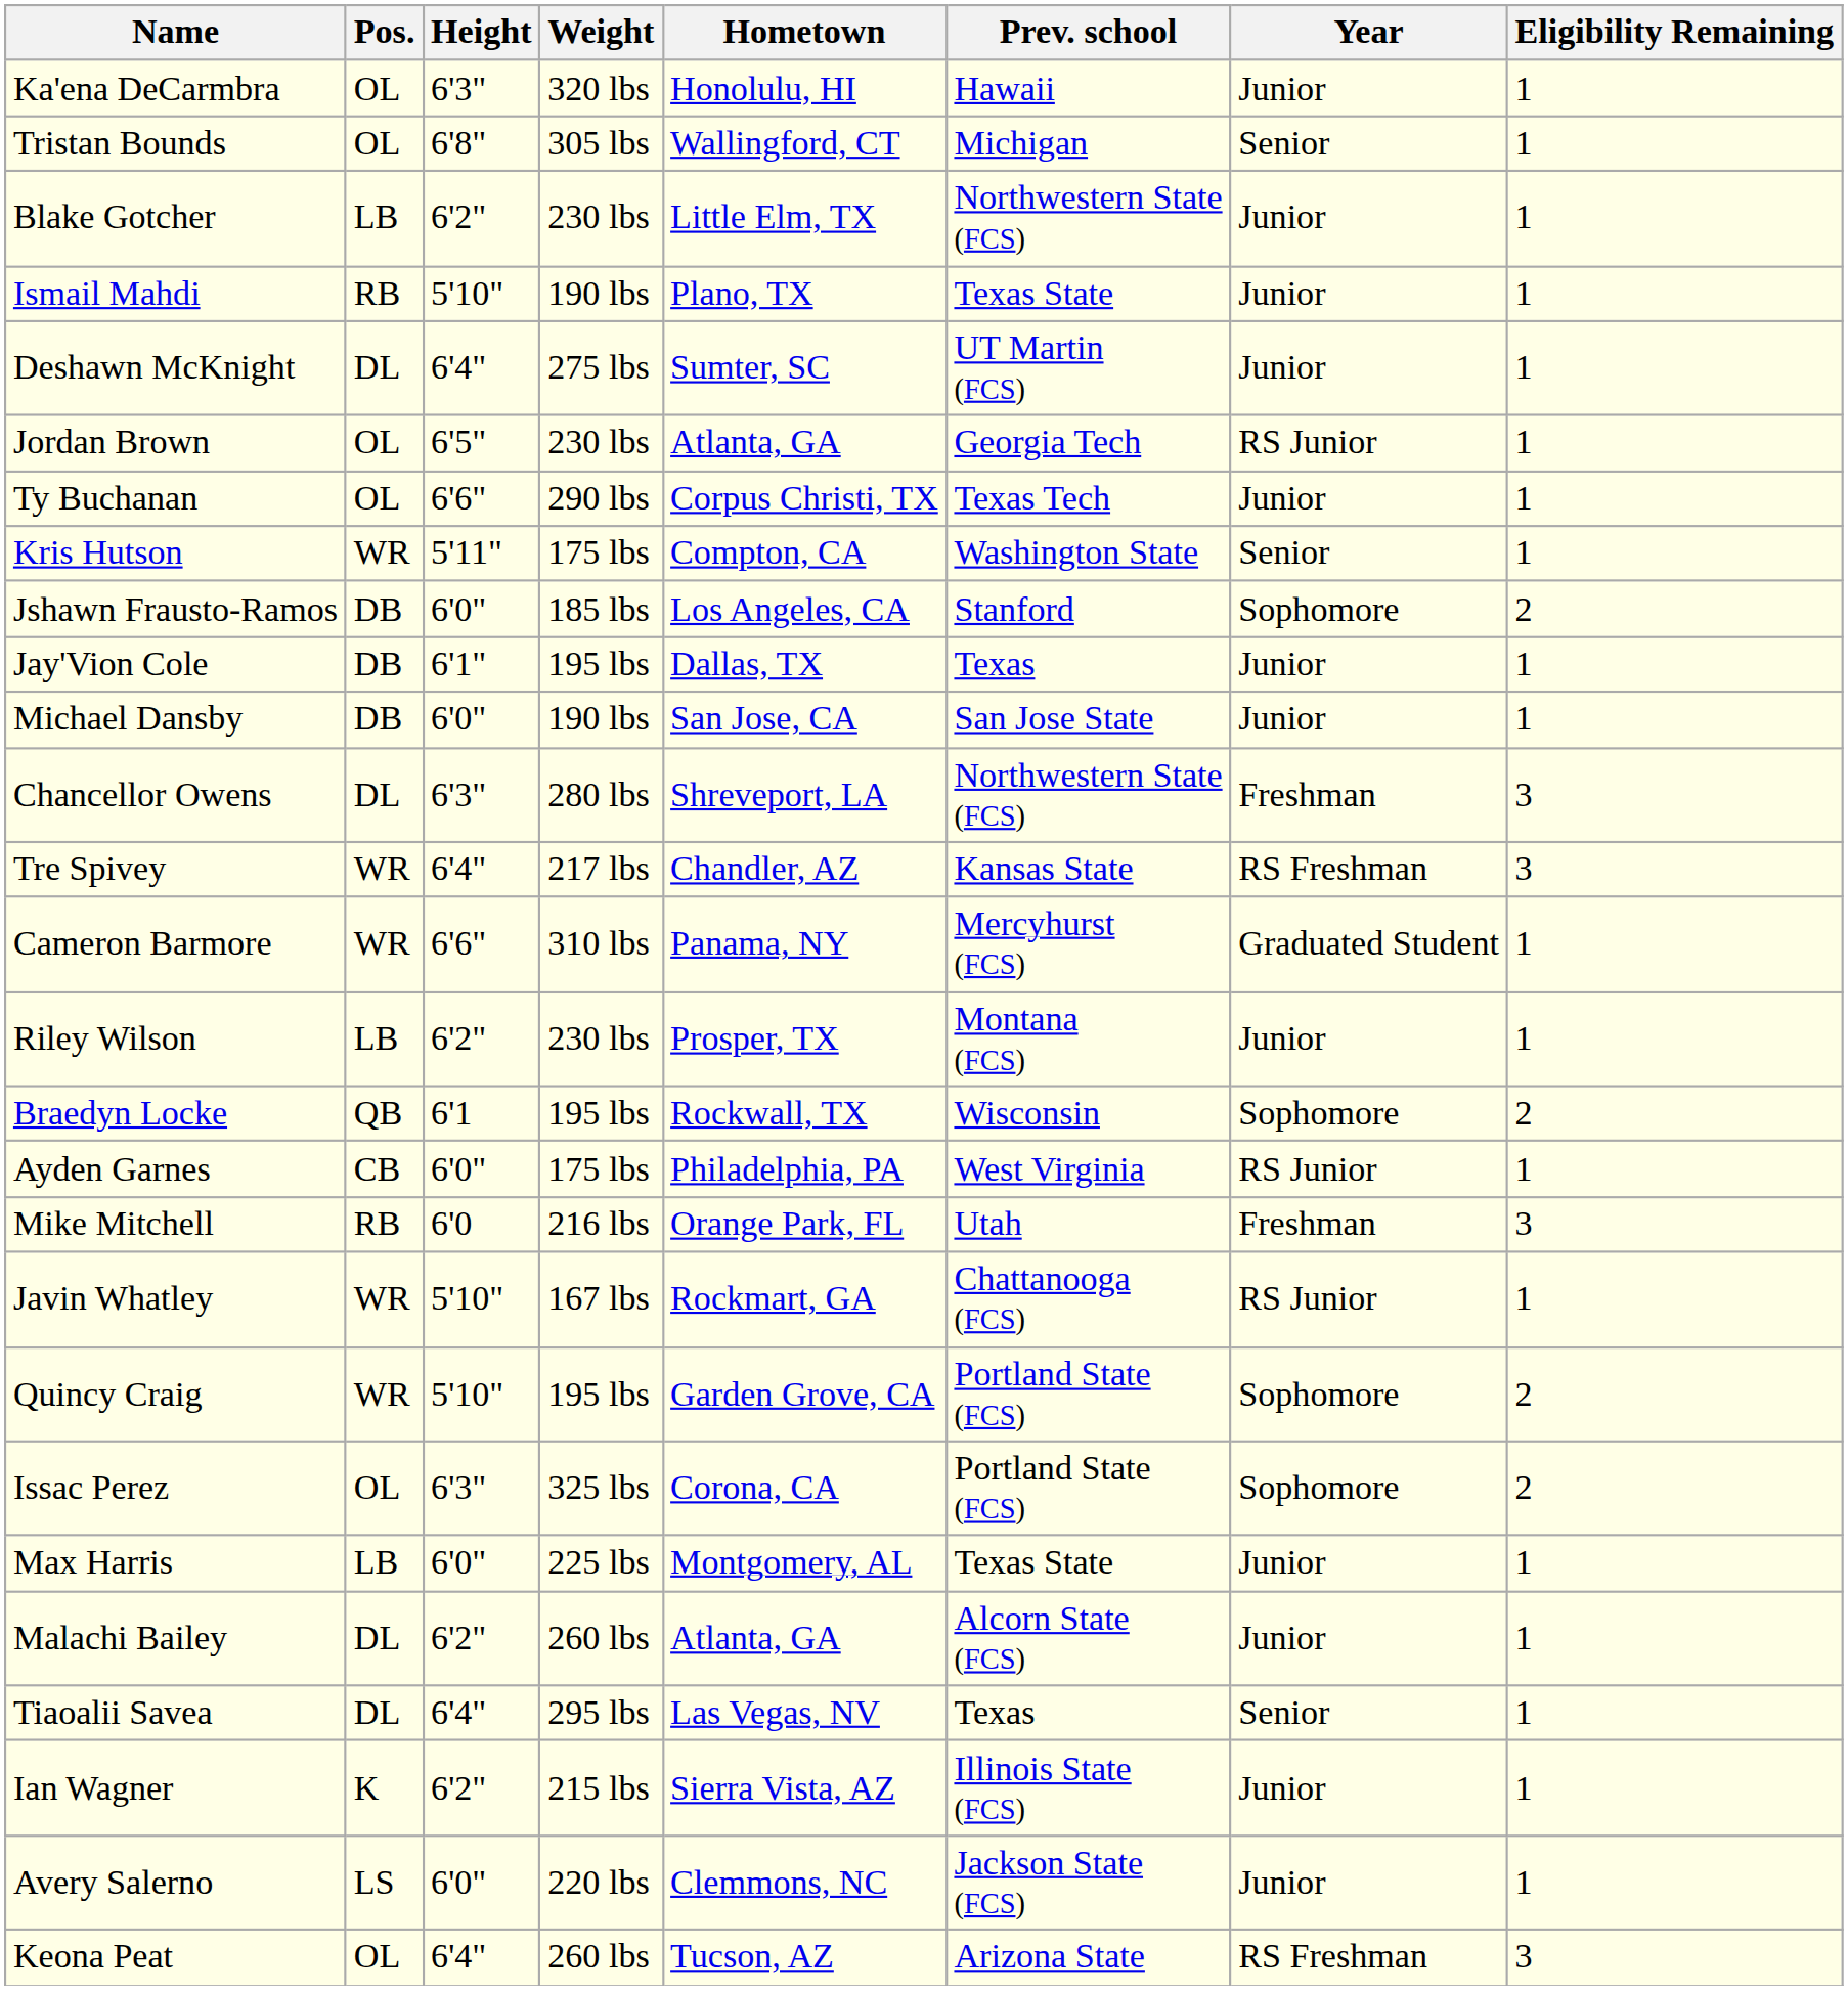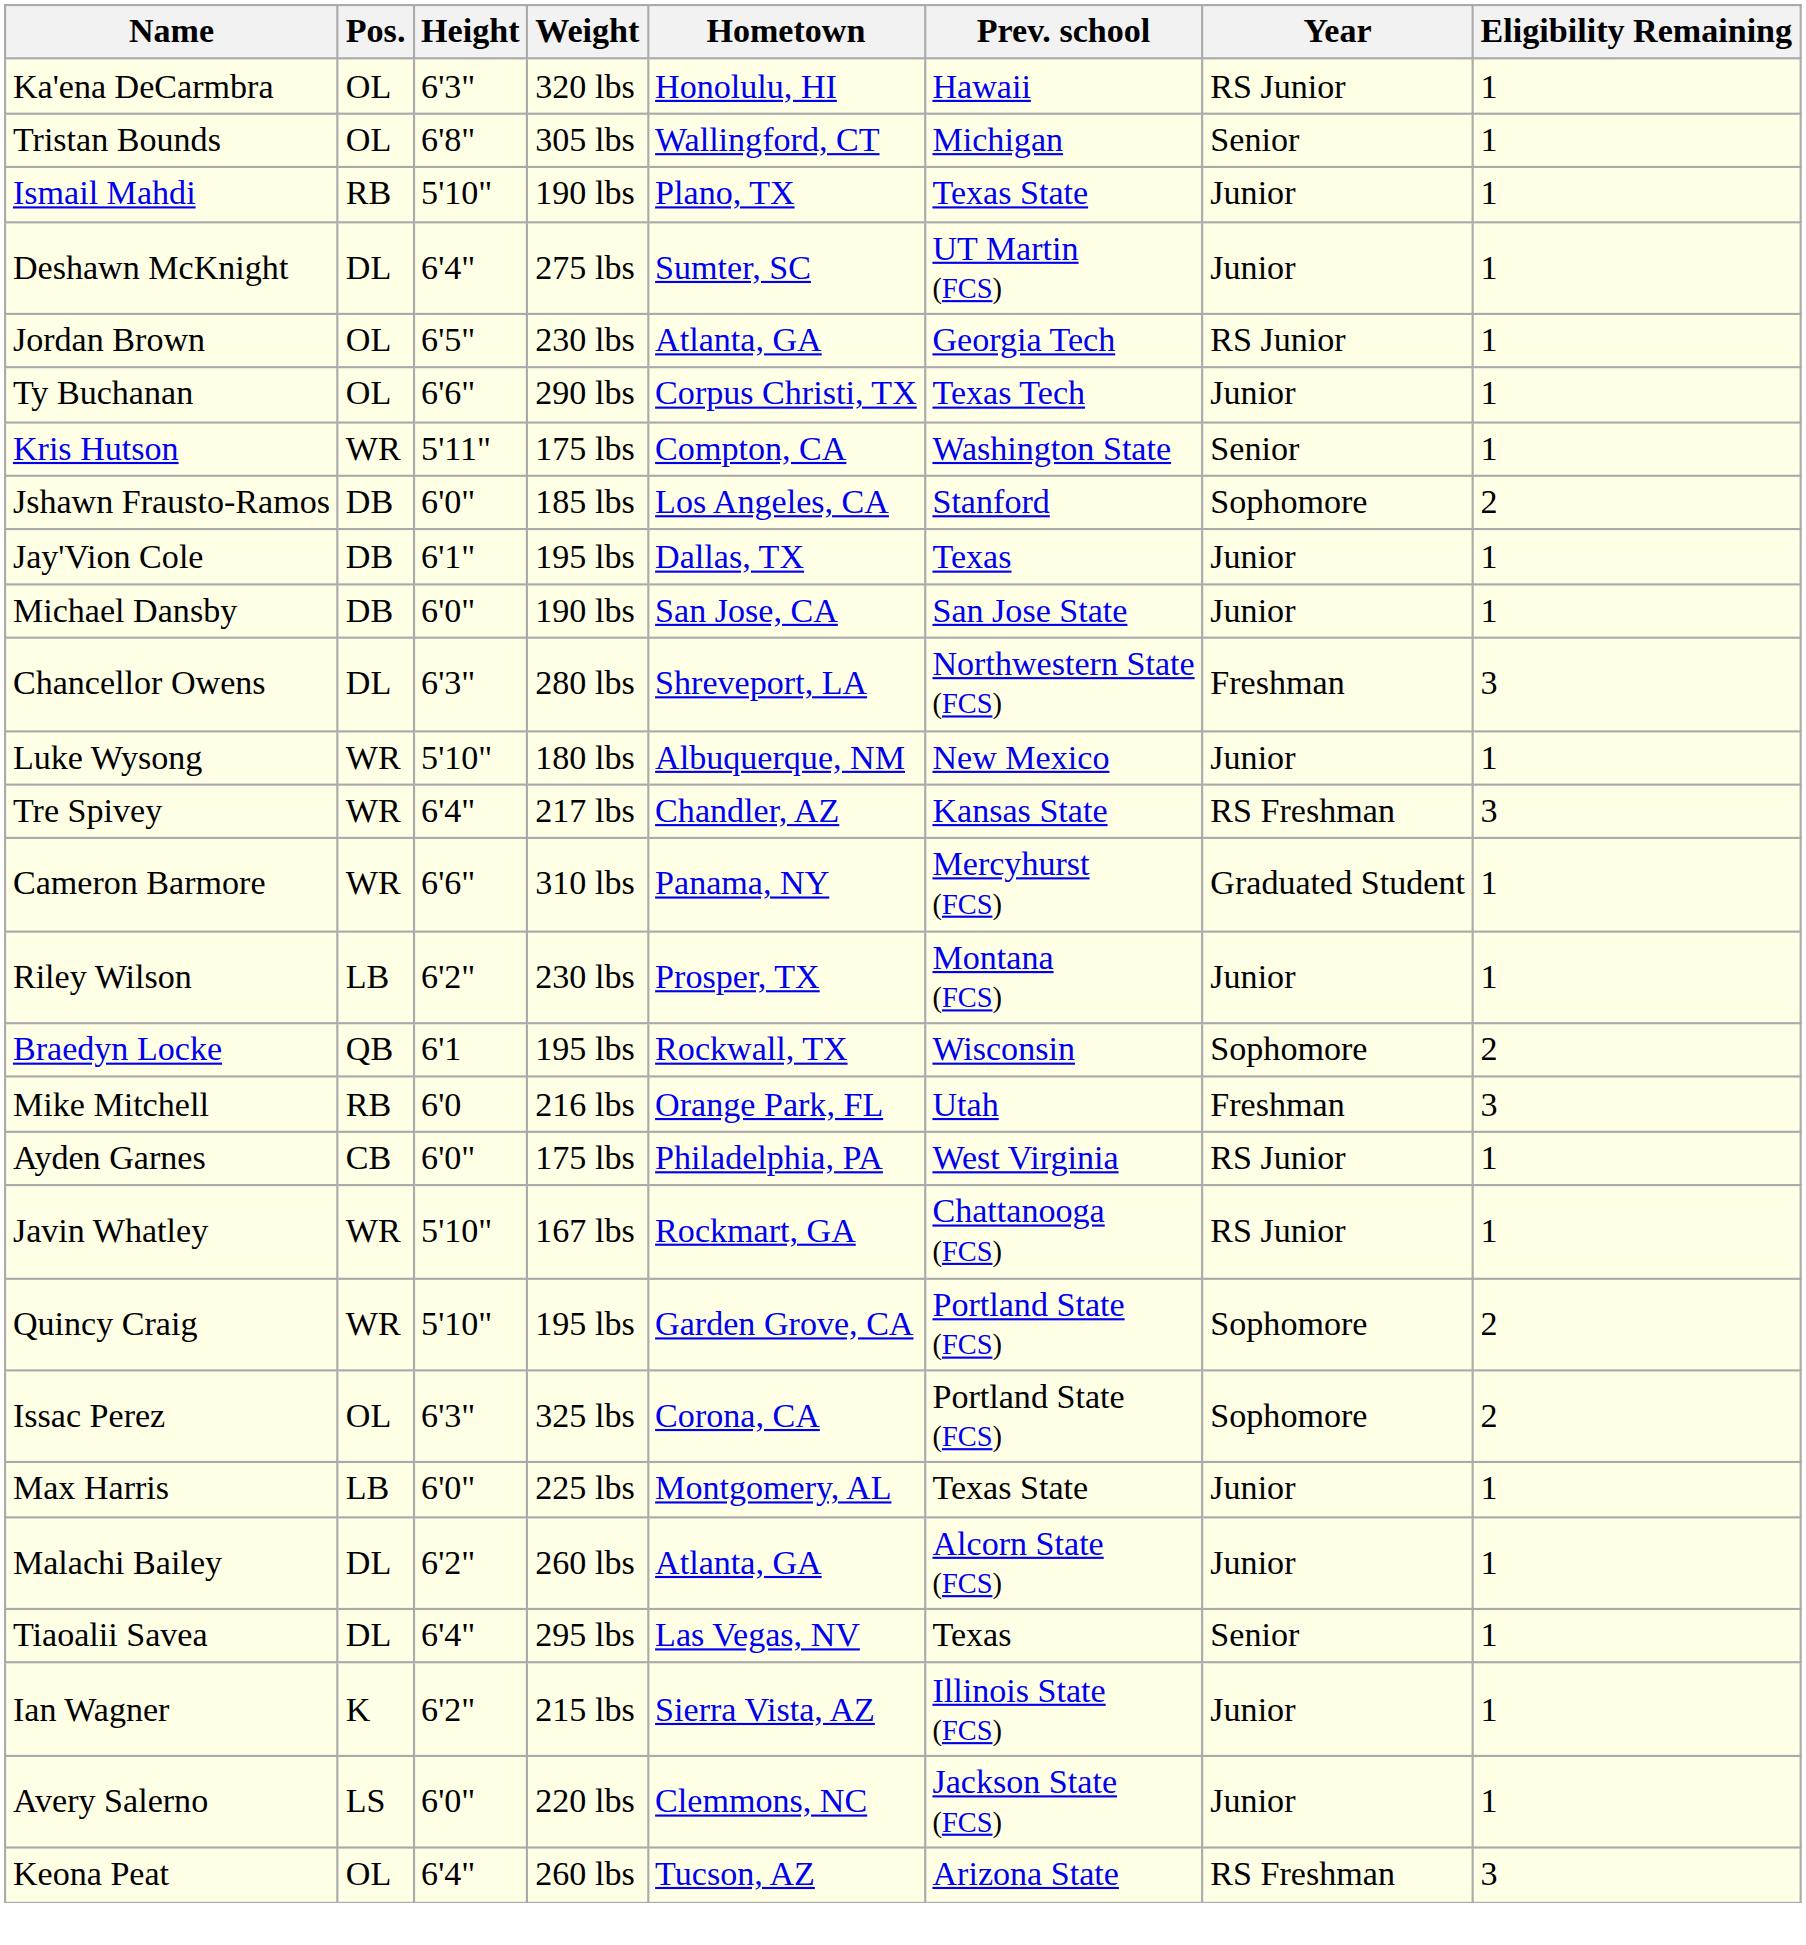 <table class="wikitable sortable">
 <tr>
 <th>Name</th>
 <th>Pos.</th>
 <th>Height</th>
 <th>Weight</th>
 <th>Hometown</th>
 <th>Prev. school</th>
 <th>Year</th>
 <th>Eligibility Remaining</th>
 </tr>
 <tr style="background:#FFFFE6;">
 <td>Ka'ena DeCarmbra</td>
 <td>OL</td>
 <td>6'3"</td>
 <td>320 lbs</td>
 <td><a href='#'>Honolulu, HI</a></td>
 <td><a href='#'>Hawaii</a></td>
-<td>Junior</td>
+<td>RS Junior</td>
 <td>1</td>
 </tr>
 <tr style="background:#FFFFE6;">
 <td>Tristan Bounds</td>
 <td>OL</td>
 <td>6'8"</td>
 <td>305 lbs</td>
 <td><a href='#'>Wallingford, CT</a></td>
 <td><a href='#'>Michigan</a></td>
 <td>Senior</td>
-<td>1</td>
-</tr>
-<tr style="background:#FFFFE6;">
-<td>Blake Gotcher</td>
-<td>LB</td>
-<td>6'2"</td>
-<td>230 lbs</td>
-<td><a href='#'>Little Elm, TX</a></td>
-<td><a href='#'>Northwestern State</a> <br><small>(<a href='#'>FCS</a>)</small></td>
-<td>Junior</td>
 <td>1</td>
 </tr>
 <tr style="background:#FFFFE6;">
 <td><a href='#'>Ismail Mahdi</a></td>
 <td>RB</td>
 <td>5'10"</td>
 <td>190 lbs</td>
 <td><a href='#'>Plano, TX</a></td>
 <td><a href='#'>Texas State</a></td>
 <td>Junior</td>
 <td>1</td>
 </tr>
 <tr style="background:#FFFFE6;">
 <td>Deshawn McKnight</td>
 <td>DL</td>
 <td>6'4"</td>
 <td>275 lbs</td>
 <td><a href='#'>Sumter, SC</a></td>
 <td><a href='#'>UT Martin</a> <br><small>(<a href='#'>FCS</a>)</small></td>
 <td>Junior</td>
 <td>1</td>
 </tr>
 <tr style="background:#FFFFE6;">
 <td>Jordan Brown</td>
 <td>OL</td>
 <td>6'5"</td>
 <td>230 lbs</td>
 <td><a href='#'>Atlanta, GA</a></td>
 <td><a href='#'>Georgia Tech</a></td>
 <td>RS Junior</td>
 <td>1</td>
 </tr>
 <tr style="background:#FFFFE6;">
 <td>Ty Buchanan</td>
 <td>OL</td>
 <td>6'6"</td>
 <td>290 lbs</td>
 <td><a href='#'>Corpus Christi, TX</a></td>
 <td><a href='#'>Texas Tech</a></td>
 <td>Junior</td>
 <td>1</td>
 </tr>
 <tr style="background:#FFFFE6;">
 <td><a href='#'>Kris Hutson</a></td>
 <td>WR</td>
 <td>5'11"</td>
 <td>175 lbs</td>
 <td><a href='#'>Compton, CA</a></td>
 <td><a href='#'>Washington State</a></td>
 <td>Senior</td>
 <td>1</td>
 </tr>
 <tr style="background:#FFFFE6;">
 <td>Jshawn Frausto-Ramos</td>
 <td>DB</td>
 <td>6'0"</td>
 <td>185 lbs</td>
 <td><a href='#'>Los Angeles, CA</a></td>
 <td><a href='#'>Stanford</a></td>
 <td>Sophomore</td>
 <td>2</td>
 </tr>
 <tr style="background:#FFFFE6;">
 <td>Jay'Vion Cole</td>
 <td>DB</td>
 <td>6'1"</td>
 <td>195 lbs</td>
 <td><a href='#'>Dallas, TX</a></td>
 <td><a href='#'>Texas</a></td>
 <td>Junior</td>
 <td>1</td>
 </tr>
 <tr style="background:#FFFFE6;">
 <td>Michael Dansby</td>
 <td>DB</td>
 <td>6'0"</td>
 <td>190 lbs</td>
 <td><a href='#'>San Jose, CA</a></td>
 <td><a href='#'>San Jose State</a></td>
 <td>Junior</td>
 <td>1</td>
 </tr>
 <tr style="background:#FFFFE6;">
 <td>Chancellor Owens</td>
 <td>DL</td>
 <td>6'3"</td>
 <td>280 lbs</td>
 <td><a href='#'>Shreveport, LA</a></td>
 <td><a href='#'>Northwestern State</a> <br><small>(<a href='#'>FCS</a>)</small></td>
 <td>Freshman</td>
 <td>3</td>
 </tr>
 <tr style="background:#FFFFE6;">
+<td>Luke Wysong</td>
+<td>WR</td>
+<td>5'10"</td>
+<td>180 lbs</td>
+<td><a href='#'>Albuquerque, NM</a></td>
+<td><a href='#'>New Mexico</a></td>
+<td>Junior</td>
+<td>1</td>
+</tr>
+<tr style="background:#FFFFE6;">
 <td>Tre Spivey</td>
 <td>WR</td>
 <td>6'4"</td>
 <td>217 lbs</td>
 <td><a href='#'>Chandler, AZ</a></td>
 <td><a href='#'>Kansas State</a></td>
 <td>RS Freshman</td>
 <td>3</td>
 </tr>
 <tr style="background:#FFFFE6;">
 <td>Cameron Barmore</td>
 <td>WR</td>
 <td>6'6"</td>
 <td>310 lbs</td>
 <td><a href='#'>Panama, NY</a></td>
 <td><a href='#'>Mercyhurst</a> <br><small>(<a href='#'>FCS</a>) </small></td>
 <td>Graduated Student</td>
 <td>1</td>
 </tr>
 <tr style="background:#FFFFE6;">
 <td>Riley Wilson</td>
 <td>LB</td>
 <td>6'2"</td>
 <td>230 lbs</td>
 <td><a href='#'>Prosper, TX</a></td>
 <td><a href='#'>Montana</a> <br><small>(<a href='#'>FCS</a>) </small></td>
 <td>Junior</td>
 <td>1</td>
 </tr>
 <tr style="background:#FFFFE6;">
 <td><a href='#'>Braedyn Locke</a></td>
 <td>QB</td>
 <td>6'1</td>
 <td>195 lbs</td>
 <td><a href='#'>Rockwall, TX</a></td>
 <td><a href='#'>Wisconsin</a></td>
 <td>Sophomore</td>
 <td>2</td>
 </tr>
 <tr style="background:#FFFFE6;">
+<td>Mike Mitchell</td>
+<td>RB</td>
+<td>6'0</td>
+<td>216 lbs</td>
+<td><a href='#'>Orange Park, FL</a></td>
+<td><a href='#'>Utah</a></td>
+<td>Freshman</td>
+<td>3</td>
+</tr>
+<tr style="background:#FFFFE6;">
 <td>Ayden Garnes</td>
 <td>CB</td>
 <td>6'0"</td>
 <td>175 lbs</td>
 <td><a href='#'>Philadelphia, PA</a></td>
 <td><a href='#'>West Virginia</a></td>
 <td>RS Junior</td>
 <td>1</td>
-</tr>
-<tr style="background:#FFFFE6;">
-<td>Mike Mitchell</td>
-<td>RB</td>
-<td>6'0</td>
-<td>216 lbs</td>
-<td><a href='#'>Orange Park, FL</a></td>
-<td><a href='#'>Utah</a></td>
-<td>Freshman</td>
-<td>3</td>
 </tr>
 <tr style="background:#FFFFE6;">
 <td>Javin Whatley</td>
 <td>WR</td>
 <td>5'10"</td>
 <td>167 lbs</td>
 <td><a href='#'>Rockmart, GA</a></td>
 <td><a href='#'>Chattanooga</a> <br><small>(<a href='#'>FCS</a>) </small></td>
 <td>RS Junior</td>
 <td>1</td>
 </tr>
 <tr style="background:#FFFFE6;">
 <td>Quincy Craig</td>
 <td>WR</td>
 <td>5'10"</td>
 <td>195 lbs</td>
 <td><a href='#'>Garden Grove, CA</a></td>
 <td><a href='#'>Portland State</a> <br><small>(<a href='#'>FCS</a>)</small></td>
 <td>Sophomore</td>
 <td>2</td>
 </tr>
 <tr style="background:#FFFFE6;">
 <td>Issac Perez</td>
 <td>OL</td>
 <td>6'3"</td>
 <td>325 lbs</td>
 <td><a href='#'>Corona, CA</a></td>
 <td>Portland State <br><small>(<a href='#'>FCS</a>)</small></td>
 <td>Sophomore</td>
 <td>2</td>
 </tr>
 <tr style="background:#FFFFE6;">
 <td>Max Harris</td>
 <td>LB</td>
 <td>6'0"</td>
 <td>225 lbs</td>
 <td><a href='#'>Montgomery, AL</a></td>
 <td>Texas State</td>
 <td>Junior</td>
 <td>1</td>
 </tr>
 <tr style="background:#FFFFE6;">
 <td>Malachi Bailey</td>
 <td>DL</td>
 <td>6'2"</td>
 <td>260 lbs</td>
 <td><a href='#'>Atlanta, GA</a></td>
 <td><a href='#'>Alcorn State</a> <br><small>(<a href='#'>FCS</a>) </small></td>
 <td>Junior</td>
 <td>1</td>
 </tr>
 <tr style="background:#FFFFE6;">
 <td>Tiaoalii Savea</td>
 <td>DL</td>
 <td>6'4"</td>
 <td>295 lbs</td>
 <td><a href='#'>Las Vegas, NV</a></td>
 <td>Texas</td>
 <td>Senior</td>
 <td>1</td>
 </tr>
 <tr style="background:#FFFFE6;">
 <td>Ian Wagner</td>
 <td>K</td>
 <td>6'2"</td>
 <td>215 lbs</td>
 <td><a href='#'>Sierra Vista, AZ</a></td>
 <td><a href='#'>Illinois State</a> <br><small>(<a href='#'>FCS</a>) </small></td>
 <td>Junior</td>
 <td>1</td>
 </tr>
 <tr style="background:#FFFFE6;">
 <td>Avery Salerno</td>
 <td>LS</td>
 <td>6'0"</td>
 <td>220 lbs</td>
 <td><a href='#'>Clemmons, NC</a></td>
 <td><a href='#'>Jackson State</a> <br><small>(<a href='#'>FCS</a>) </small></td>
 <td>Junior</td>
 <td>1</td>
 </tr>
 <tr style="background:#FFFFE6;">
 <td>Keona Peat</td>
 <td>OL</td>
 <td>6'4"</td>
 <td>260 lbs</td>
 <td><a href='#'>Tucson, AZ</a></td>
 <td><a href='#'>Arizona State</a></td>
 <td>RS Freshman</td>
 <td>3</td>
 </tr>
 </table>
